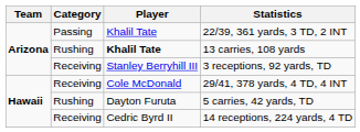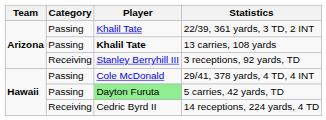 <table class="wikitable" style="float: right;">
 <tr>
 <th>Team</th>
 <th>Category</th>
 <th>Player</th>
 <th>Statistics</th>
 </tr>
 <tr>
 <td rowspan=3><strong>Arizona</strong></td>
 <td>Passing</td>
 <td><a href='#'>Khalil Tate</a></td>
 <td>22/39, 361 yards, 3 TD, 2 INT</td>
 </tr>
 <tr>
-<td>Rushing</td>
+<td>Passing</td>
 <td><strong>Khalil Tate</strong></td>
 <td>13 carries, 108 yards</td>
 </tr>
 <tr>
 <td>Receiving</td>
 <td><a href='#'>Stanley Berryhill III</a></td>
 <td>3 receptions, 92 yards, TD</td>
 </tr>
 <tr>
 <td rowspan=3><strong>Hawaii</strong></td>
-<td>Receiving</td>
+<td>Passing</td>
 <td><a href='#'>Cole McDonald</a></td>
 <td>29/41, 378 yards, 4 TD, 4 INT</td>
 </tr>
 <tr>
-<td>Rushing</td>
-<td>Dayton Furuta</td>
+<td>Passing</td>
+<td style="background: lightgreen;">Dayton Furuta</td>
 <td>5 carries, 42 yards, TD</td>
 </tr>
 <tr>
 <td>Receiving</td>
 <td>Cedric Byrd II</td>
 <td>14 receptions, 224 yards, 4 TD</td>
 </tr>
 </table>
